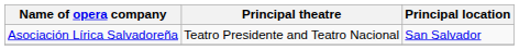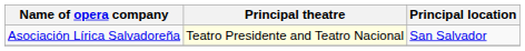 <table class="wikitable">
 <tr>
 <th>Name of <a href='#'>opera</a> company</th>
 <th>Principal theatre</th>
 <th>Principal location</th>
 </tr>
 <tr>
 <td><a href='#'>Asociación Lírica Salvadoreña</a></td>
-<td>Teatro Presidente and Teatro Nacional</td>
+<td style="background: lightyellow;">Teatro Presidente and Teatro Nacional</td>
 <td><a href='#'>San Salvador</a></td>
 </tr>
 <tr>
 </tr>
 </table>
